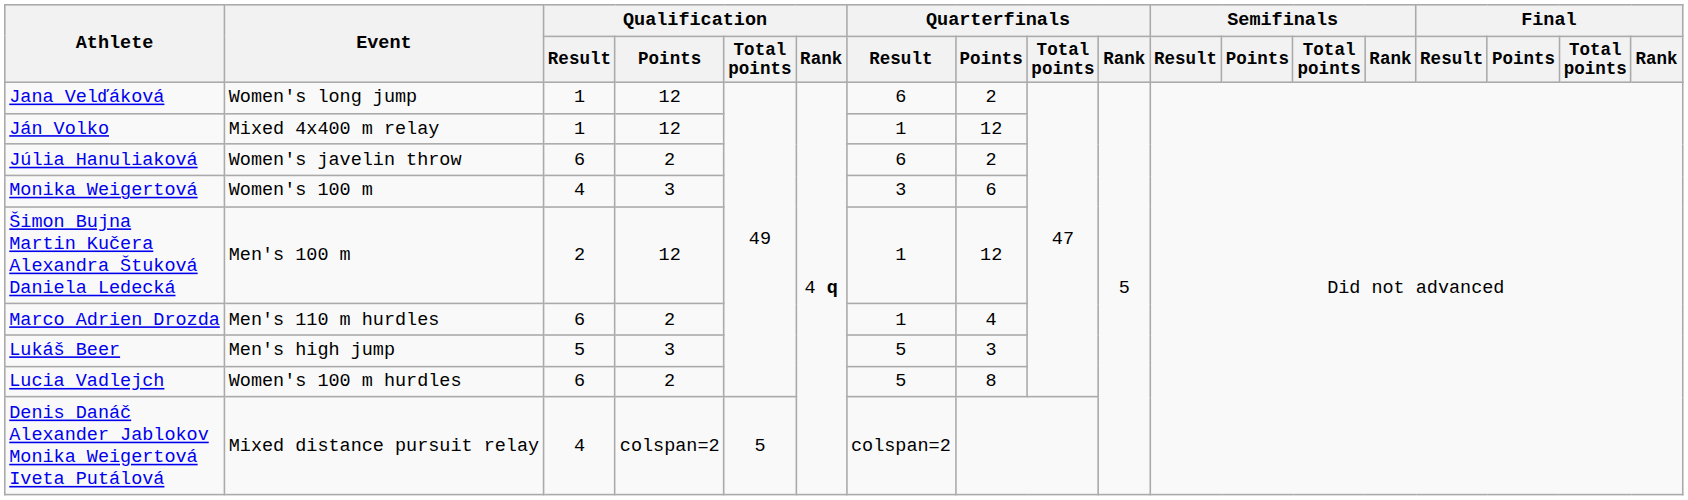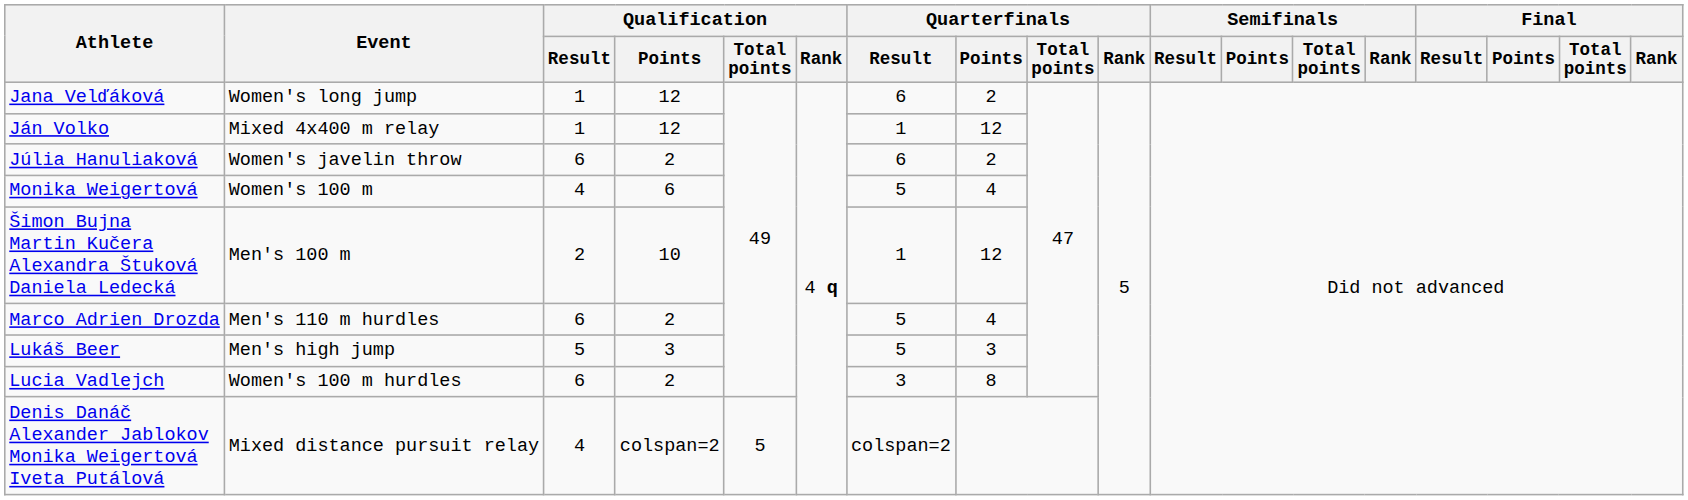 <table class="wikitable" style="text-align:center; font-size:90%">
 <tr>
 <th rowspan=2>Athlete</th>
 <th rowspan=2>Event</th>
 <th colspan=4>Qualification</th>
 <th colspan=4>Quarterfinals</th>
 <th colspan=4>Semifinals</th>
 <th colspan=4>Final</th>
 </tr>
 <tr style="font-size:95%">
 <th>Result</th>
 <th>Points</th>
 <th>Total<br>points</th>
 <th>Rank</th>
 <th>Result</th>
 <th>Points</th>
 <th>Total<br>points</th>
 <th>Rank</th>
 <th>Result</th>
 <th>Points</th>
 <th>Total<br>points</th>
 <th>Rank</th>
 <th>Result</th>
 <th>Points</th>
 <th>Total<br>points</th>
 <th>Rank</th>
 </tr>
 <tr>
 <td align=left><a href='#'>Jana Velďáková</a></td>
 <td align=left>Women's long jump</td>
 <td>1</td>
 <td>12</td>
 <td rowspan=8>49</td>
 <td rowspan=9>4 <strong>q</strong></td>
 <td>6</td>
 <td>2</td>
 <td rowspan=8>47</td>
 <td rowspan=9>5</td>
 <td rowspan=9 colspan=10>Did not advanced</td>
 </tr>
 <tr>
 <td align=left><a href='#'>Ján Volko</a></td>
 <td align=left>Mixed 4x400 m relay</td>
 <td>1</td>
 <td>12</td>
 <td>1</td>
 <td>12</td>
 </tr>
 <tr>
 <td align=left><a href='#'>Júlia Hanuliaková</a></td>
 <td align=left>Women's javelin throw</td>
 <td>6</td>
 <td>2</td>
 <td>6</td>
 <td>2</td>
 </tr>
 <tr>
 <td align=left><a href='#'>Monika Weigertová</a></td>
 <td align=left>Women's 100 m</td>
 <td>4</td>
-<td>3</td>
-<td>3</td>
 <td>6</td>
+<td>5</td>
+<td>4</td>
 </tr>
 <tr>
 <td align=left><a href='#'>Šimon Bujna</a><br><a href='#'>Martin Kučera</a><br><a href='#'>Alexandra Štuková</a><br><a href='#'>Daniela Ledecká</a></td>
 <td align=left>Men's 100 m</td>
 <td>2</td>
-<td>12</td>
+<td>10</td>
 <td>1</td>
 <td>12</td>
 </tr>
 <tr>
 <td align=left><a href='#'>Marco Adrien Drozda</a></td>
 <td align=left>Men's 110 m hurdles</td>
 <td>6</td>
 <td>2</td>
-<td>1</td>
+<td>5</td>
 <td>4</td>
 </tr>
 <tr>
 <td align=left><a href='#'>Lukáš Beer</a></td>
 <td align=left>Men's high jump</td>
 <td>5</td>
 <td>3</td>
 <td>5</td>
 <td>3</td>
 </tr>
 <tr>
 <td align=left><a href='#'>Lucia Vadlejch</a></td>
 <td align=left>Women's 100 m hurdles</td>
 <td>6</td>
 <td>2</td>
-<td>5</td>
+<td>3</td>
 <td>8</td>
 </tr>
 <tr>
 <td align=left><a href='#'>Denis Danáč</a><br><a href='#'>Alexander Jablokov</a><br><a href='#'>Monika Weigertová</a><br><a href='#'>Iveta Putálová</a></td>
 <td align=left>Mixed distance pursuit relay</td>
 <td>4</td>
 <td>colspan=2</td>
 <td>5</td>
 <td>colspan=2</td>
 </tr>
 </table>
